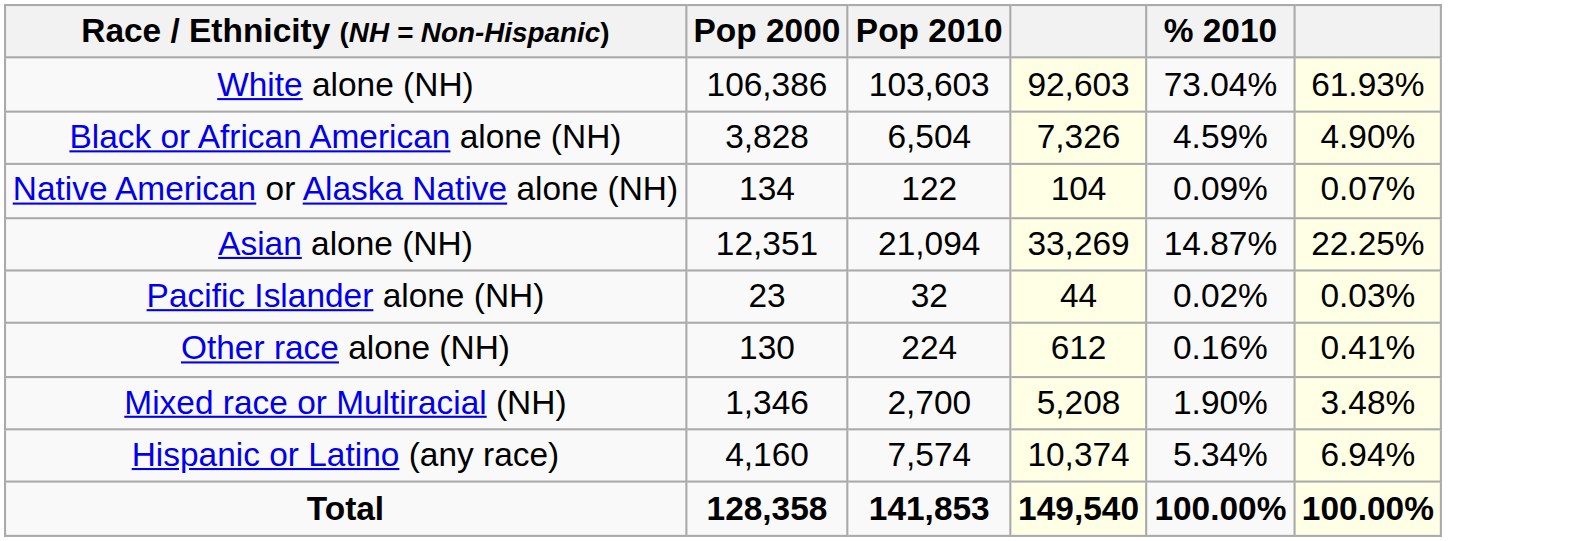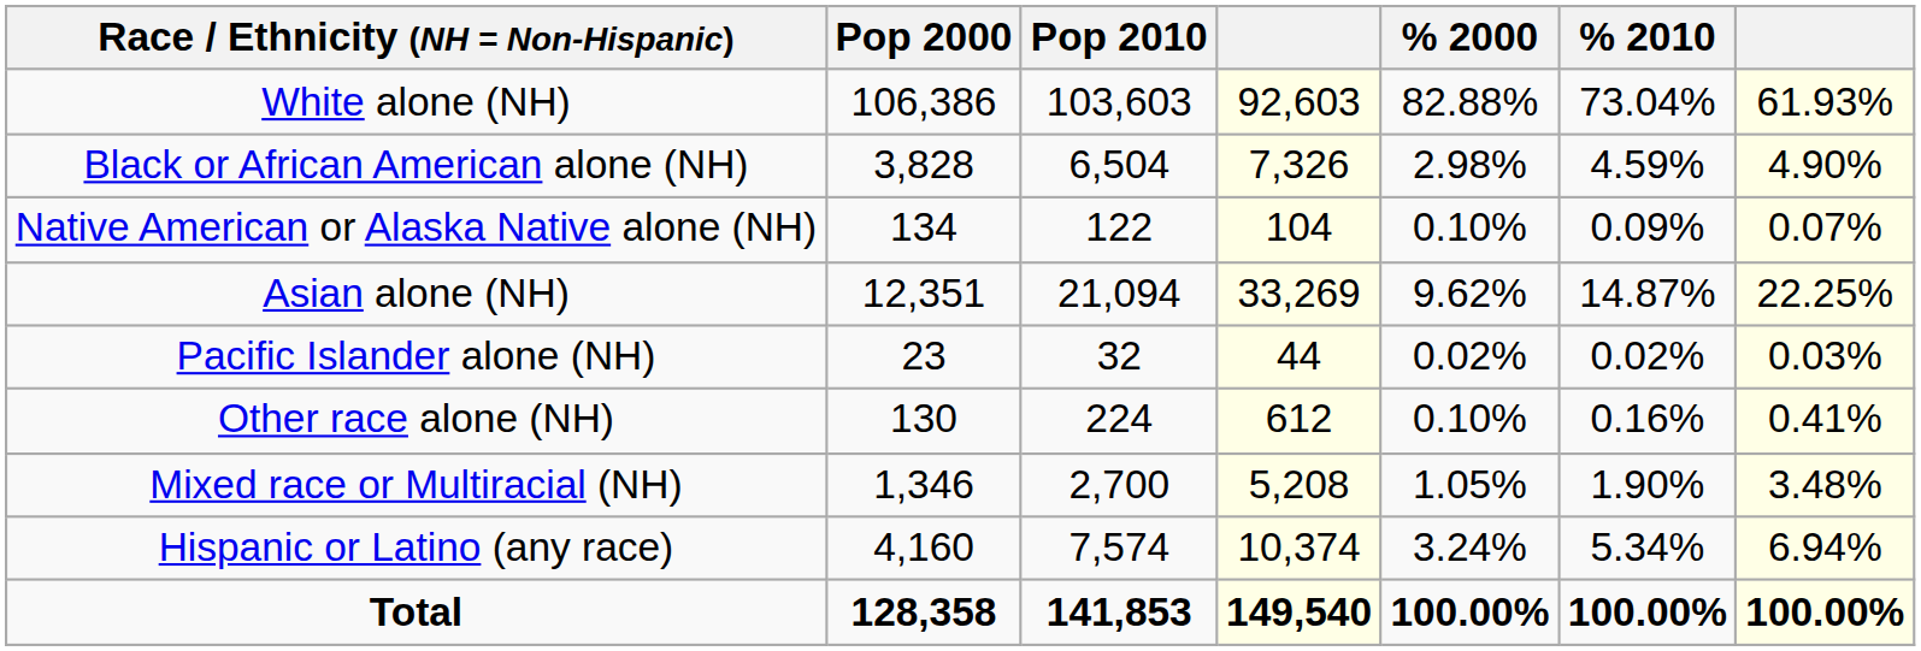 <table class="wikitable" style="text-align:center;">
 <tr>
 <th>Race / Ethnicity <small>(<em>NH = Non-Hispanic</em>)</small></th>
 <th>Pop 2000</th>
 <th>Pop 2010</th>
 <th></th>
+<th>% 2000</th>
 <th>% 2010</th>
 <th></th>
 </tr>
 <tr>
 <td><a href='#'>White</a> alone (NH)</td>
 <td>106,386</td>
 <td>103,603</td>
 <td style='background: #ffffe6;'>92,603</td>
+<td>82.88%</td>
 <td>73.04%</td>
 <td style='background: #ffffe6;'>61.93%</td>
 </tr>
 <tr>
 <td><a href='#'>Black or African American</a> alone (NH)</td>
 <td>3,828</td>
 <td>6,504</td>
 <td style='background: #ffffe6;'>7,326</td>
+<td>2.98%</td>
 <td>4.59%</td>
 <td style='background: #ffffe6;'>4.90%</td>
 </tr>
 <tr>
 <td><a href='#'>Native American</a> or <a href='#'>Alaska Native</a> alone (NH)</td>
 <td>134</td>
 <td>122</td>
 <td style='background: #ffffe6;'>104</td>
+<td>0.10%</td>
 <td>0.09%</td>
 <td style='background: #ffffe6;'>0.07%</td>
 </tr>
 <tr>
 <td><a href='#'>Asian</a> alone (NH)</td>
 <td>12,351</td>
 <td>21,094</td>
 <td style='background: #ffffe6;'>33,269</td>
+<td>9.62%</td>
 <td>14.87%</td>
 <td style='background: #ffffe6;'>22.25%</td>
 </tr>
 <tr>
 <td><a href='#'>Pacific Islander</a> alone (NH)</td>
 <td>23</td>
 <td>32</td>
 <td style='background: #ffffe6;'>44</td>
 <td>0.02%</td>
+<td>0.02%</td>
 <td style='background: #ffffe6;'>0.03%</td>
 </tr>
 <tr>
 <td><a href='#'>Other race</a> alone (NH)</td>
 <td>130</td>
 <td>224</td>
 <td style='background: #ffffe6;'>612</td>
+<td>0.10%</td>
 <td>0.16%</td>
 <td style='background: #ffffe6;'>0.41%</td>
 </tr>
 <tr>
 <td><a href='#'>Mixed race or Multiracial</a> (NH)</td>
 <td>1,346</td>
 <td>2,700</td>
 <td style='background: #ffffe6;'>5,208</td>
+<td>1.05%</td>
 <td>1.90%</td>
 <td style='background: #ffffe6;'>3.48%</td>
 </tr>
 <tr>
 <td><a href='#'>Hispanic or Latino</a> (any race)</td>
 <td>4,160</td>
 <td>7,574</td>
 <td style='background: #ffffe6;'>10,374</td>
+<td>3.24%</td>
 <td>5.34%</td>
 <td style='background: #ffffe6;'>6.94%</td>
 </tr>
 <tr>
 <td><strong>Total</strong></td>
 <td><strong>128,358</strong></td>
 <td><strong>141,853</strong></td>
 <td style='background: #ffffe6;'><strong>149,540</strong></td>
 <td><strong>100.00%</strong></td>
+<td><strong>100.00%</strong></td>
 <td style='background: #ffffe6;'><strong>100.00%</strong></td>
 </tr>
 </table>
